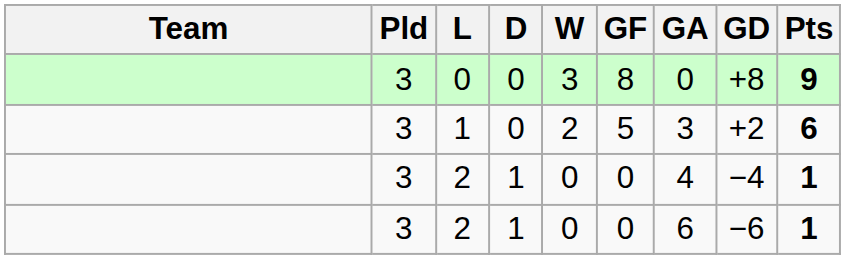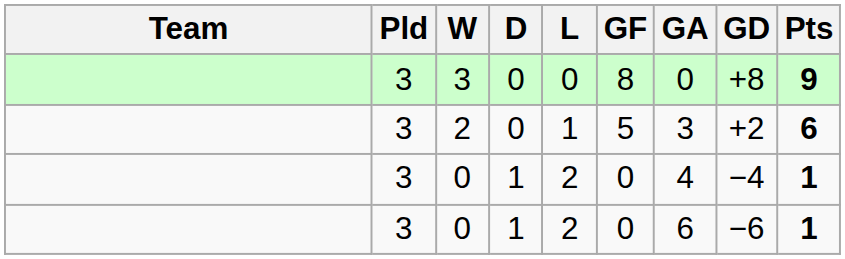 <table class="wikitable" style="text-align:center;">
 <tr>
 <th width=180>Team</th>
 <th width=20>Pld</th>
+<th width=20>W</th>
+<th width=20>D</th>
 <th width=20>L</th>
-<th width=20>D</th>
-<th width=20>W</th>
 <th width=20>GF</th>
 <th width=20>GA</th>
 <th width=20>GD</th>
 <th width=20>Pts</th>
 </tr>
 <tr bgcolor=#ccffcc>
 <td align="left"></td>
 <td>3</td>
+<td>3</td>
 <td>0</td>
 <td>0</td>
-<td>3</td>
 <td>8</td>
 <td>0</td>
 <td>+8</td>
 <td><strong>9</strong></td>
 </tr>
 <tr>
 <td align="left"></td>
 <td>3</td>
+<td>2</td>
+<td>0</td>
 <td>1</td>
-<td>0</td>
-<td>2</td>
 <td>5</td>
 <td>3</td>
 <td>+2</td>
 <td><strong>6</strong></td>
 </tr>
 <tr>
 <td align="left"></td>
 <td>3</td>
+<td>0</td>
+<td>1</td>
 <td>2</td>
-<td>1</td>
-<td>0</td>
 <td>0</td>
 <td>4</td>
 <td>−4</td>
 <td><strong>1</strong></td>
 </tr>
 <tr>
 <td align="left"><em></em></td>
 <td>3</td>
+<td>0</td>
+<td>1</td>
 <td>2</td>
-<td>1</td>
-<td>0</td>
 <td>0</td>
 <td>6</td>
 <td>−6</td>
 <td><strong>1</strong></td>
 </tr>
 </table>
